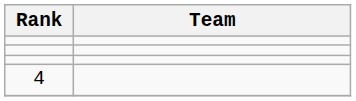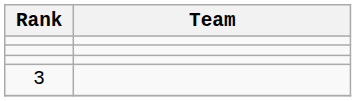 <table class="wikitable" style="text-align: center;">
 <tr>
 <th style="width: 40px;">Rank</th>
 <th style="width: 180px;">Team</th>
 </tr>
 <tr>
 <td></td>
 <td style="text-align: left;"></td>
 </tr>
 <tr>
 <td></td>
 <td style="text-align: left;"></td>
 </tr>
 <tr>
 <td></td>
 <td style="text-align: left;"></td>
 </tr>
 <tr>
-<td>4</td>
+<td>3</td>
 <td style="text-align: left;"></td>
 </tr>
 <tr>
 </tr>
 </table>
